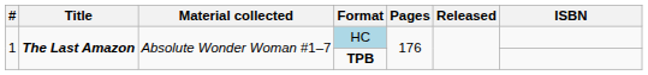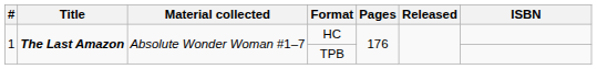 <table class="wikitable">
 <tr>
 <th width="4px">#</th>
 <th>Title</th>
 <th>Material collected</th>
 <th class="unsortable">Format</th>
 <th>Pages</th>
 <th>Released</th>
 <th class="unsortable" style="width: 10em;">ISBN</th>
 </tr>
 <tr>
 <td rowspan=2>1</td>
 <td rowspan=2><strong><em>The Last Amazon</em></strong></td>
 <td rowspan=2><em>Absolute Wonder Woman</em> #1–7</td>
-<td style="background: lightblue; text-align: center;">HC</td>
+<td style="text-align: center;">HC</td>
 <td rowspan=2 style="text-align: center;">176</td>
 <td rowspan=2></td>
 <td></td>
 </tr>
 <tr>
-<td style="text-align: center;"><strong>TPB</strong></td>
+<td style="text-align: center;">TPB</td>
 <td></td>
 </tr>
 </table>
